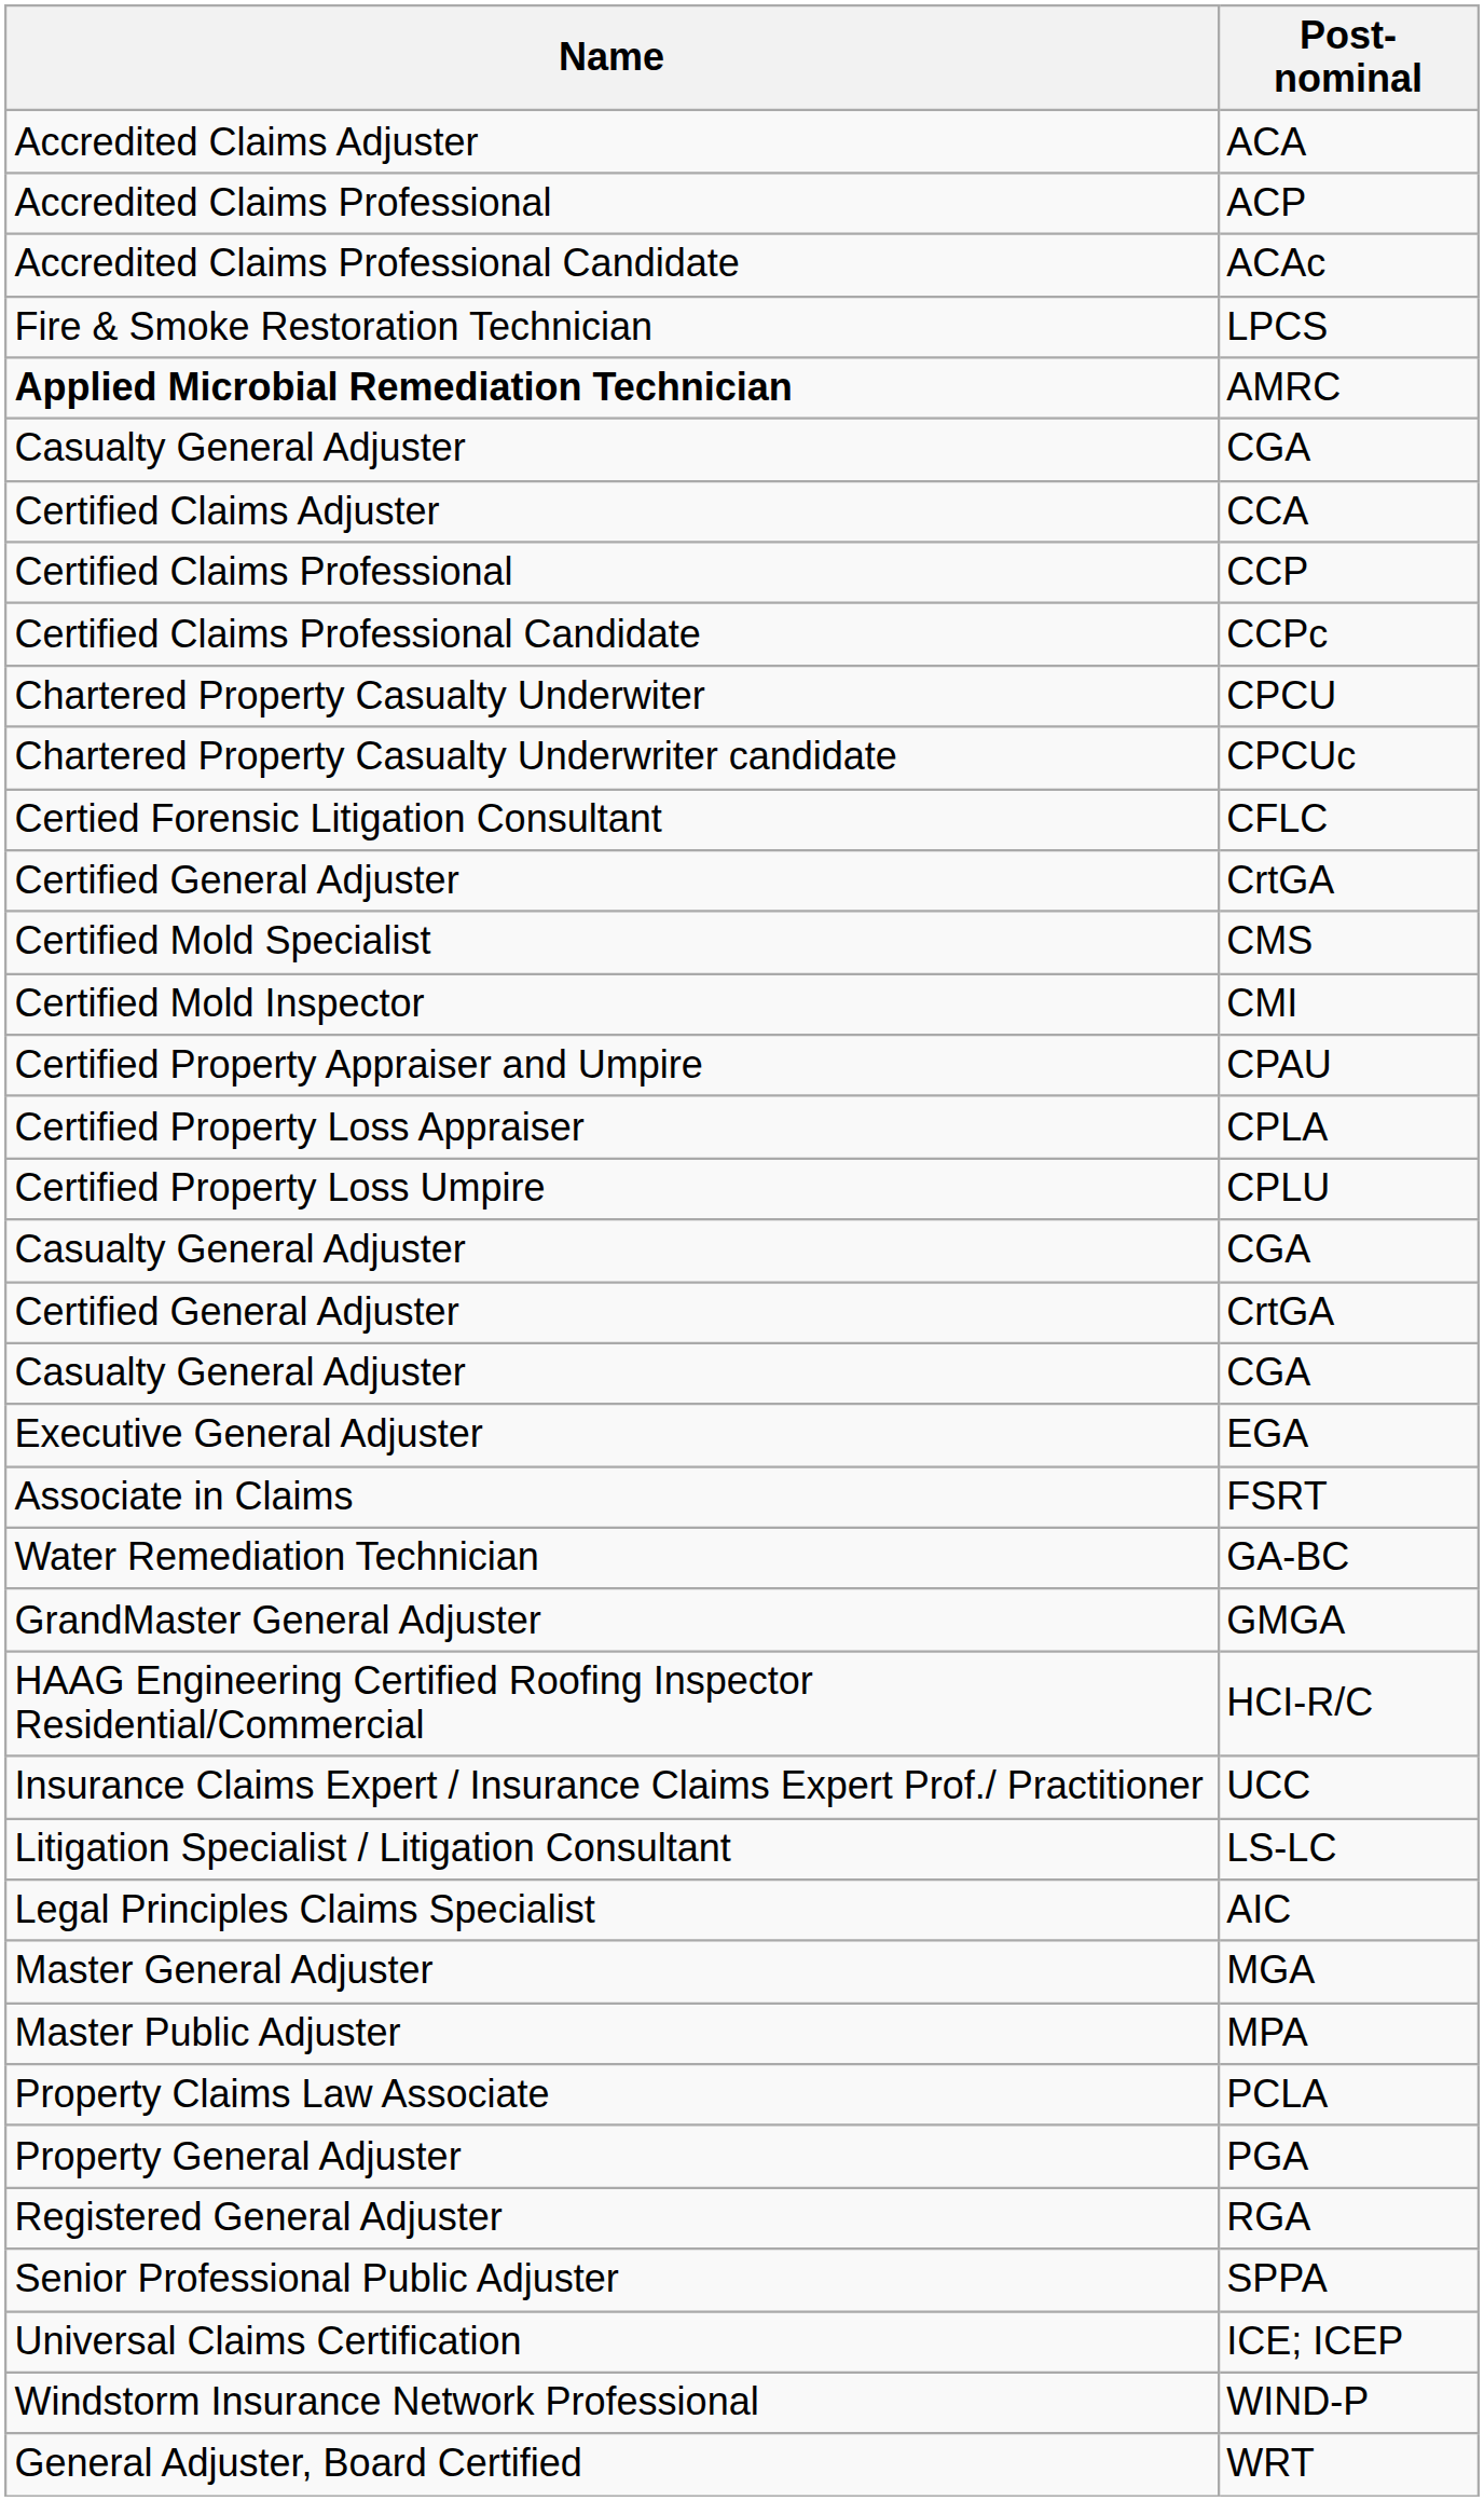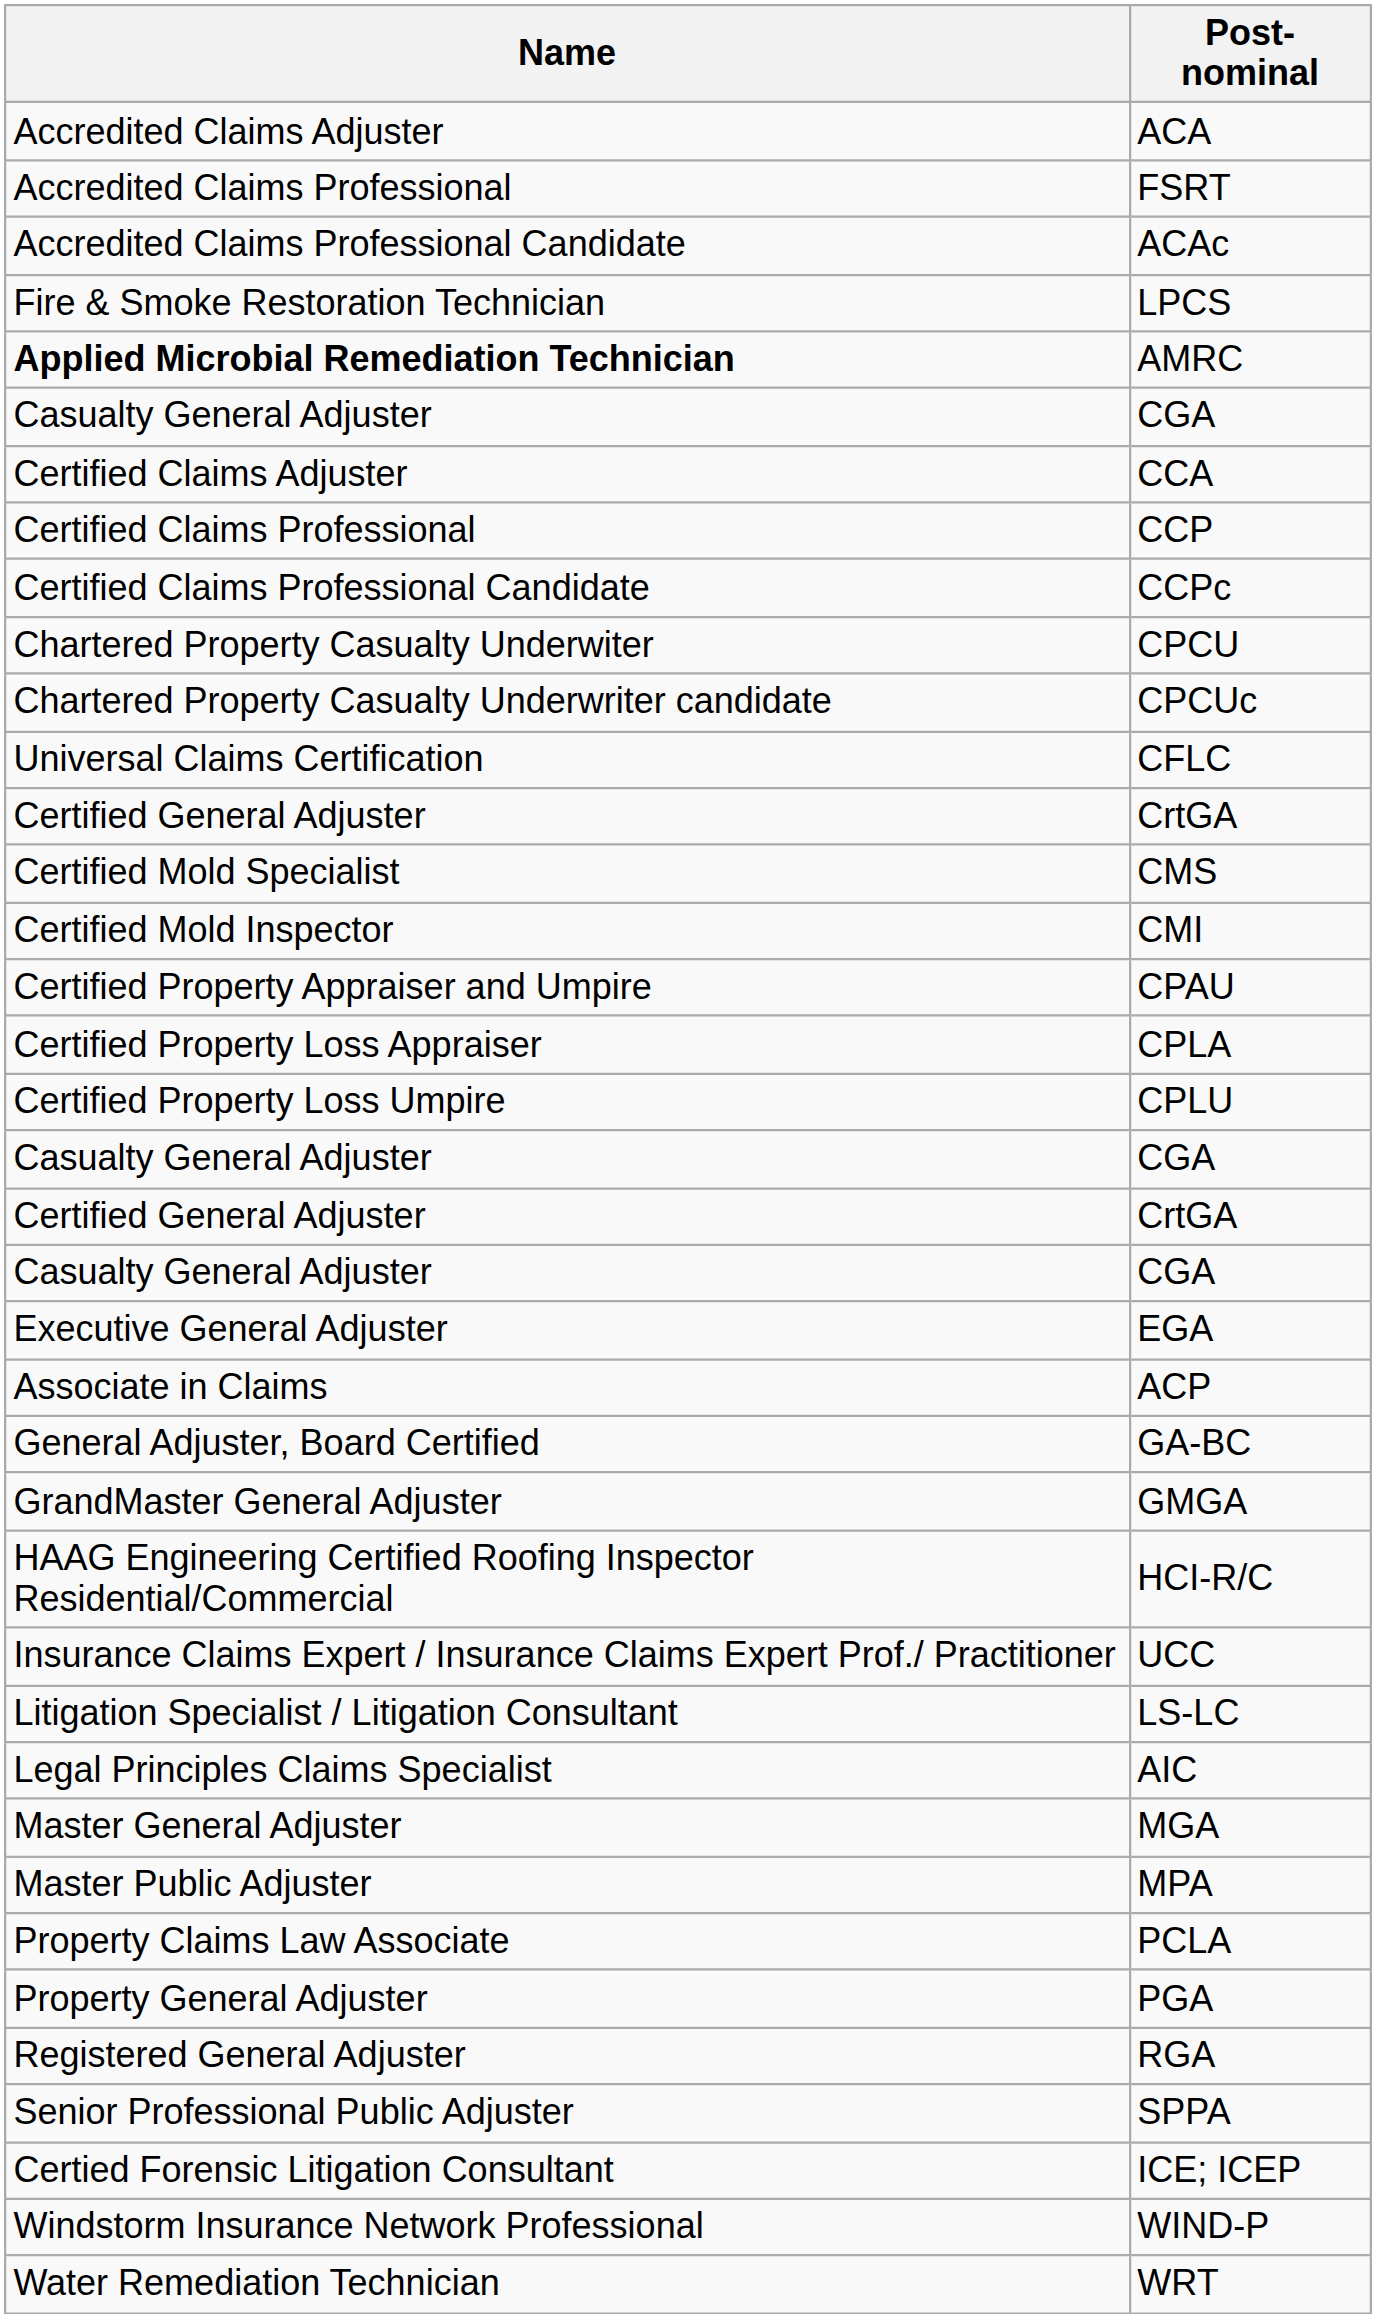 <table class="wikitable sortable">
 <tr>
 <th>Name</th>
 <th>Post-nominal</th>
 </tr>
 <tr>
 <td>Accredited Claims Adjuster</td>
 <td>ACA</td>
 </tr>
 <tr>
 <td>Accredited Claims Professional</td>
-<td>ACP</td>
+<td>FSRT</td>
 </tr>
 <tr>
 <td>Accredited Claims Professional Candidate</td>
 <td>ACAc</td>
 </tr>
 <tr>
 <td>Fire & Smoke Restoration Technician</td>
 <td>LPCS</td>
 </tr>
 <tr>
 <td><strong>Applied Microbial Remediation Technician</strong></td>
 <td>AMRC</td>
 </tr>
 <tr>
 <td>Casualty General Adjuster</td>
 <td>CGA</td>
 </tr>
 <tr>
 <td>Certified Claims Adjuster</td>
 <td>CCA</td>
 </tr>
 <tr>
 <td>Certified Claims Professional</td>
 <td>CCP</td>
 </tr>
 <tr>
 <td>Certified Claims Professional Candidate</td>
 <td>CCPc</td>
 </tr>
 <tr>
 <td>Chartered Property Casualty Underwiter</td>
 <td>CPCU</td>
 </tr>
 <tr>
 <td>Chartered Property Casualty Underwriter candidate</td>
 <td>CPCUc</td>
 </tr>
 <tr>
-<td>Certied Forensic Litigation Consultant</td>
+<td>Universal Claims Certification</td>
 <td>CFLC</td>
 </tr>
 <tr>
 <td>Certified General Adjuster</td>
 <td>CrtGA</td>
 </tr>
 <tr>
 <td>Certified Mold Specialist</td>
 <td>CMS</td>
 </tr>
 <tr>
 <td>Certified Mold Inspector</td>
 <td>CMI</td>
 </tr>
 <tr>
 <td>Certified Property Appraiser and Umpire</td>
 <td>CPAU</td>
 </tr>
 <tr>
 <td>Certified Property Loss Appraiser</td>
 <td>CPLA</td>
 </tr>
 <tr>
 <td>Certified Property Loss Umpire</td>
 <td>CPLU</td>
 </tr>
 <tr>
 <td>Casualty General Adjuster</td>
 <td>CGA</td>
 </tr>
 <tr>
 <td>Certified General Adjuster</td>
 <td>CrtGA</td>
 </tr>
 <tr>
 <td>Casualty General Adjuster</td>
 <td>CGA</td>
 </tr>
 <tr>
 <td>Executive General Adjuster</td>
 <td>EGA</td>
 </tr>
 <tr>
 <td>Associate in Claims</td>
-<td>FSRT</td>
+<td>ACP</td>
 </tr>
 <tr>
-<td>Water Remediation Technician</td>
+<td>General Adjuster, Board Certified</td>
 <td>GA-BC</td>
 </tr>
 <tr>
 <td>GrandMaster General Adjuster</td>
 <td>GMGA</td>
 </tr>
 <tr>
 <td>HAAG Engineering Certified Roofing Inspector Residential/Commercial</td>
 <td>HCI-R/C</td>
 </tr>
 <tr>
 <td>Insurance Claims Expert / Insurance Claims Expert Prof./ Practitioner</td>
 <td>UCC</td>
 </tr>
 <tr>
 <td>Litigation Specialist / Litigation Consultant</td>
 <td>LS-LC</td>
 </tr>
 <tr>
 <td>Legal Principles Claims Specialist</td>
 <td>AIC</td>
 </tr>
 <tr>
 <td>Master General Adjuster</td>
 <td>MGA</td>
 </tr>
 <tr>
 <td>Master Public Adjuster</td>
 <td>MPA</td>
 </tr>
 <tr>
 <td>Property Claims Law Associate</td>
 <td>PCLA</td>
 </tr>
 <tr>
 <td>Property General Adjuster</td>
 <td>PGA</td>
 </tr>
 <tr>
 <td>Registered General Adjuster</td>
 <td>RGA</td>
 </tr>
 <tr>
 <td>Senior Professional Public Adjuster</td>
 <td>SPPA</td>
 </tr>
 <tr>
-<td>Universal Claims Certification</td>
+<td>Certied Forensic Litigation Consultant</td>
 <td>ICE; ICEP</td>
 </tr>
 <tr>
 <td>Windstorm Insurance Network Professional</td>
 <td>WIND-P</td>
 </tr>
 <tr>
-<td>General Adjuster, Board Certified</td>
+<td>Water Remediation Technician</td>
 <td>WRT</td>
 </tr>
 </table>
